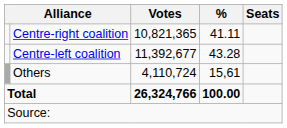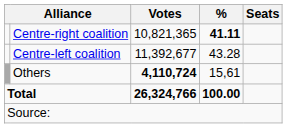 <table class=wikitable style=text-align:right>
 <tr>
 <th colspan=2>Alliance</th>
 <th>Votes</th>
 <th>%</th>
 <th>Seats</th>
 </tr>
 <tr>
 <td style="background-color:"></td>
 <td align=left><a href='#'>Centre-right coalition</a></td>
 <td>10,821,365</td>
-<td>41.11</td>
+<td><strong>41.11</strong></td>
 <td></td>
 </tr>
 <tr>
 <td style="background-color:"></td>
 <td align=left><a href='#'>Centre-left coalition</a></td>
 <td>11,392,677</td>
 <td>43.28</td>
 <td></td>
 </tr>
 <tr>
 <td style="background-color:darkgrey"></td>
 <td align=left>Others</td>
-<td>4,110,724</td>
+<td><strong>4,110,724</strong></td>
 <td>15,61</td>
 <td></td>
 </tr>
 <tr>
 <td colspan=2 align=left><strong>Total</strong></td>
 <td><strong>26,324,766</strong></td>
 <td><strong>100.00</strong></td>
 <td></td>
 </tr>
 <tr>
 <td align=left colspan=6>Source: </td>
 </tr>
 </table>
